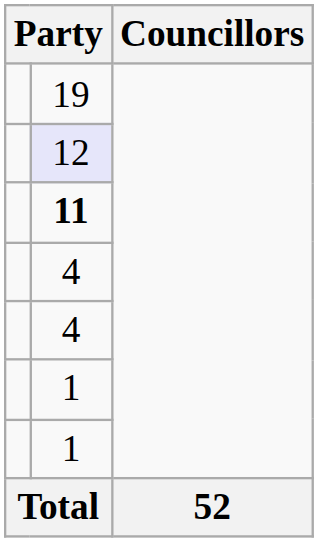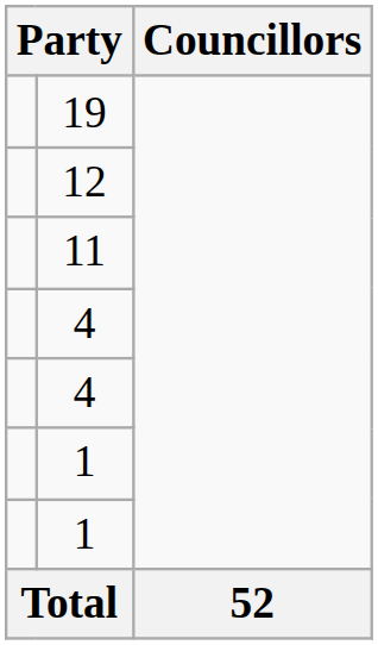 <table class="wikitable">
 <tr>
 <th colspan=2>Party</th>
 <th>Councillors</th>
 </tr>
 <tr>
 <td></td>
 <td align=center>19</td>
 </tr>
 <tr>
 <td></td>
-<td align=center style="background: lavender;">12</td>
+<td align=center>12</td>
 </tr>
 <tr>
 <td></td>
-<td align=center><strong>11</strong></td>
+<td align=center>11</td>
 </tr>
 <tr>
 <td></td>
 <td align=center>4</td>
 </tr>
 <tr>
 <td></td>
 <td align=center>4</td>
 </tr>
 <tr>
 <td></td>
 <td align=center>1</td>
 </tr>
 <tr>
 <td></td>
 <td align=center>1</td>
 </tr>
 <tr>
 <th colspan=2>Total</th>
 <th align=center>52</th>
 </tr>
 </table>
